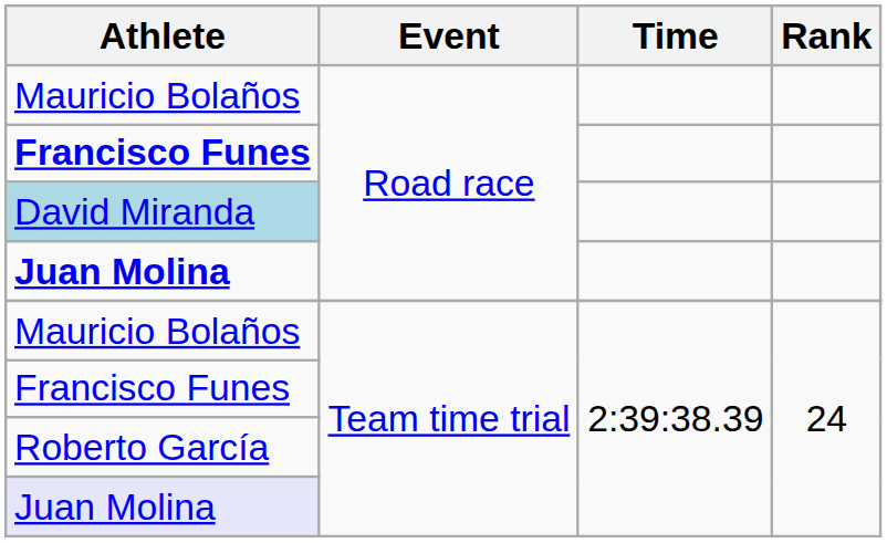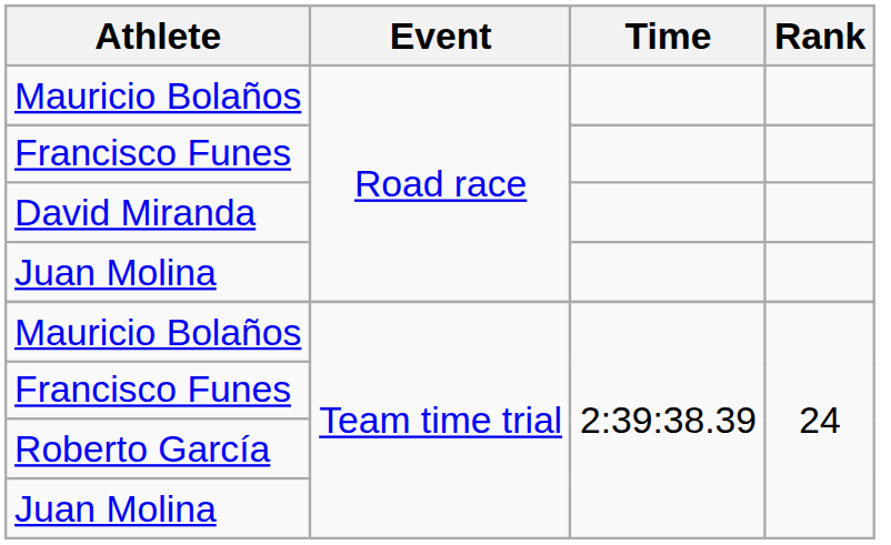 <table class=wikitable style="font-size:90%; text-align: center">
 <tr>
 <th>Athlete</th>
 <th>Event</th>
 <th>Time</th>
 <th>Rank</th>
 </tr>
 <tr align=center>
 <td align=left><a href='#'>Mauricio Bolaños</a></td>
 <td rowspan=4><a href='#'>Road race</a></td>
 <td></td>
 <td></td>
 </tr>
 <tr align=center>
-<td align=left><strong><a href='#'>Francisco Funes</a></strong></td>
+<td align=left><a href='#'>Francisco Funes</a></td>
 <td></td>
 <td></td>
 </tr>
 <tr align=center>
-<td align=left style="background: lightblue;"><a href='#'>David Miranda</a></td>
+<td align=left><a href='#'>David Miranda</a></td>
 <td></td>
 <td></td>
 </tr>
 <tr align=center>
-<td align=left><strong><a href='#'>Juan Molina</a></strong></td>
+<td align=left><a href='#'>Juan Molina</a></td>
 <td></td>
 <td></td>
 </tr>
 <tr>
 </tr>
 <tr align=center>
 <td align=left><a href='#'>Mauricio Bolaños</a></td>
 <td rowspan=4><a href='#'>Team time trial</a></td>
 <td rowspan=4>2:39:38.39</td>
 <td rowspan=4>24</td>
 </tr>
 <tr align=center>
 <td align=left><a href='#'>Francisco Funes</a></td>
 </tr>
 <tr align=center>
 <td align=left><a href='#'>Roberto García</a></td>
 </tr>
 <tr align=center>
-<td align=left style="background: lavender;"><a href='#'>Juan Molina</a></td>
+<td align=left><a href='#'>Juan Molina</a></td>
 </tr>
 </table>
